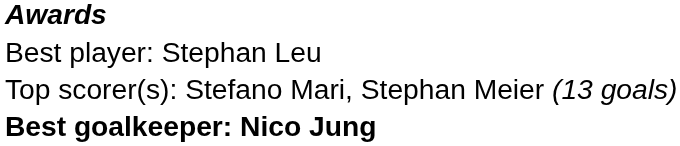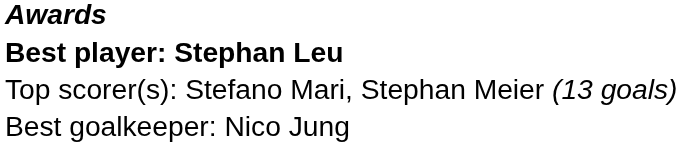 <table width=100% cellspacing=1 style="font-size: 90%;">
 <tr>
 <td><strong><em>Awards</em></strong></td>
 </tr>
 <tr>
-<td>Best player:  Stephan Leu</td>
+<td><strong>Best player:  Stephan Leu</strong></td>
 </tr>
 <tr>
 <td colspan=4>Top scorer(s):  Stefano Mari,  Stephan Meier <em>(13 goals)</em></td>
 </tr>
 <tr>
-<td><strong>Best goalkeeper:  Nico Jung</strong></td>
+<td>Best goalkeeper:  Nico Jung</td>
 </tr>
 </table>
